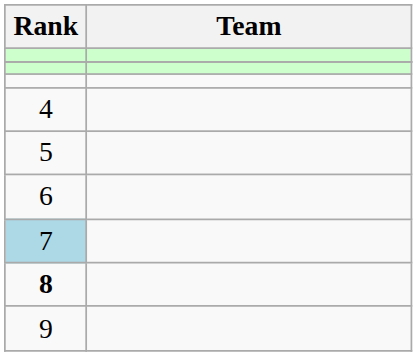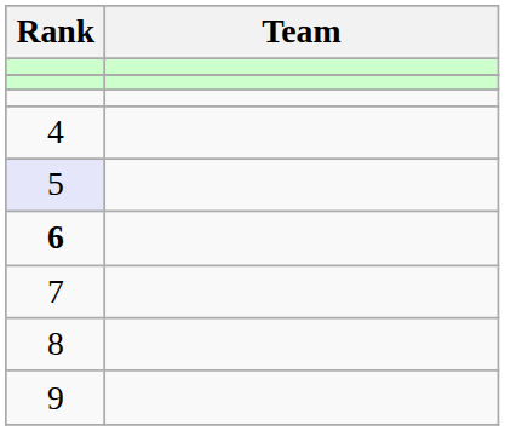 <table class="wikitable" style="text-align:center;">
 <tr>
 <th width=40>Rank</th>
 <th width=180>Team</th>
 </tr>
 <tr bgcolor=#ccffcc>
 <td></td>
 <td style="text-align:left;"></td>
 </tr>
 <tr>
 </tr>
 <tr bgcolor=#ccffcc>
 <td></td>
 <td style="text-align:left;"></td>
 </tr>
 <tr>
 <td></td>
 <td style="text-align:left;"></td>
 </tr>
 <tr>
 <td>4</td>
 <td style="text-align:left;"></td>
 </tr>
 <tr>
-<td>5</td>
+<td style="background: lavender;">5</td>
 <td style="text-align:left;"></td>
 </tr>
 <tr>
-<td>6</td>
+<td><strong>6</strong></td>
 <td style="text-align:left;"></td>
 </tr>
 <tr>
-<td style="background: lightblue;">7</td>
+<td>7</td>
 <td style="text-align:left;"></td>
 </tr>
 <tr>
-<td><strong>8</strong></td>
+<td>8</td>
 <td style="text-align:left;"></td>
 </tr>
 <tr>
 <td>9</td>
 <td style="text-align:left;"></td>
 </tr>
 </table>
